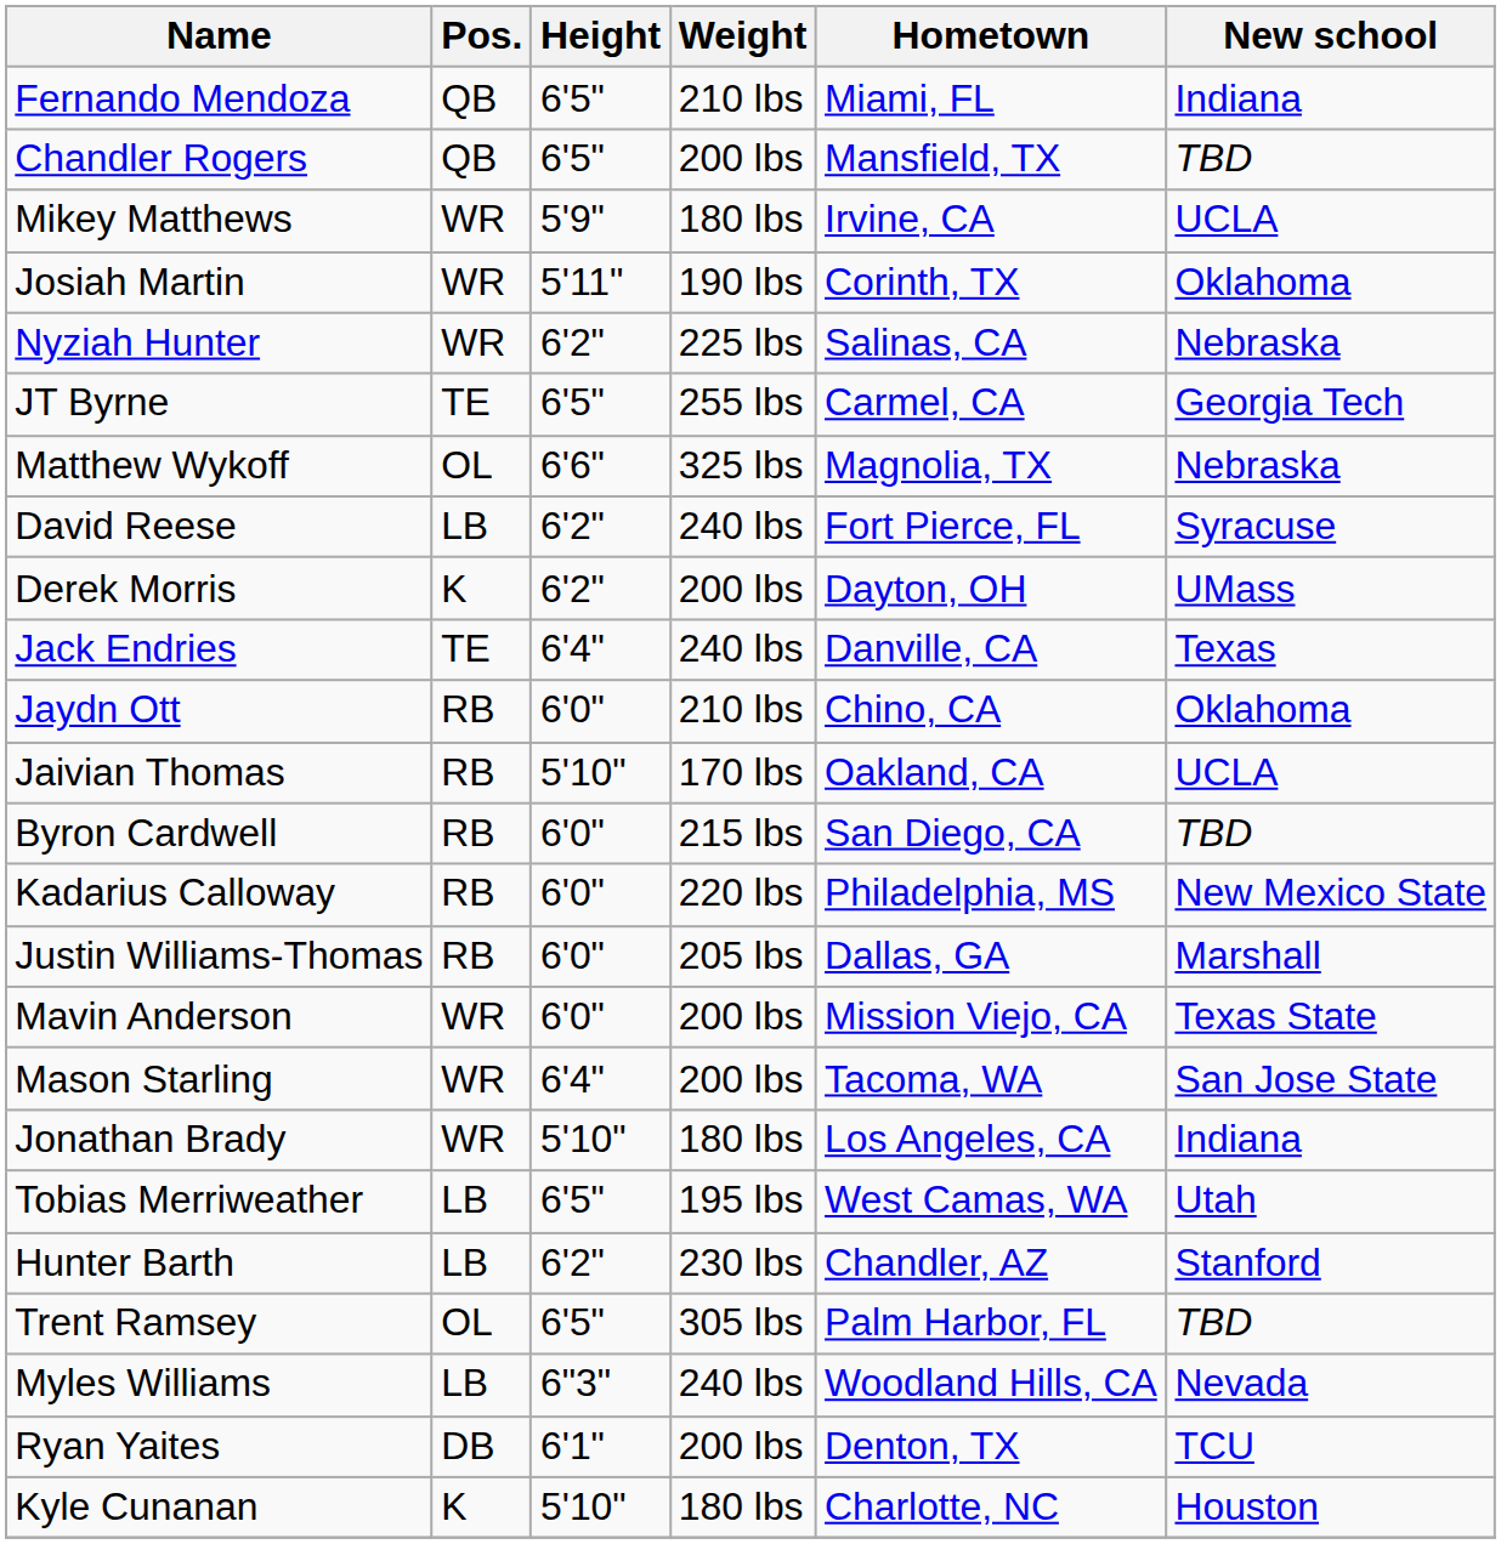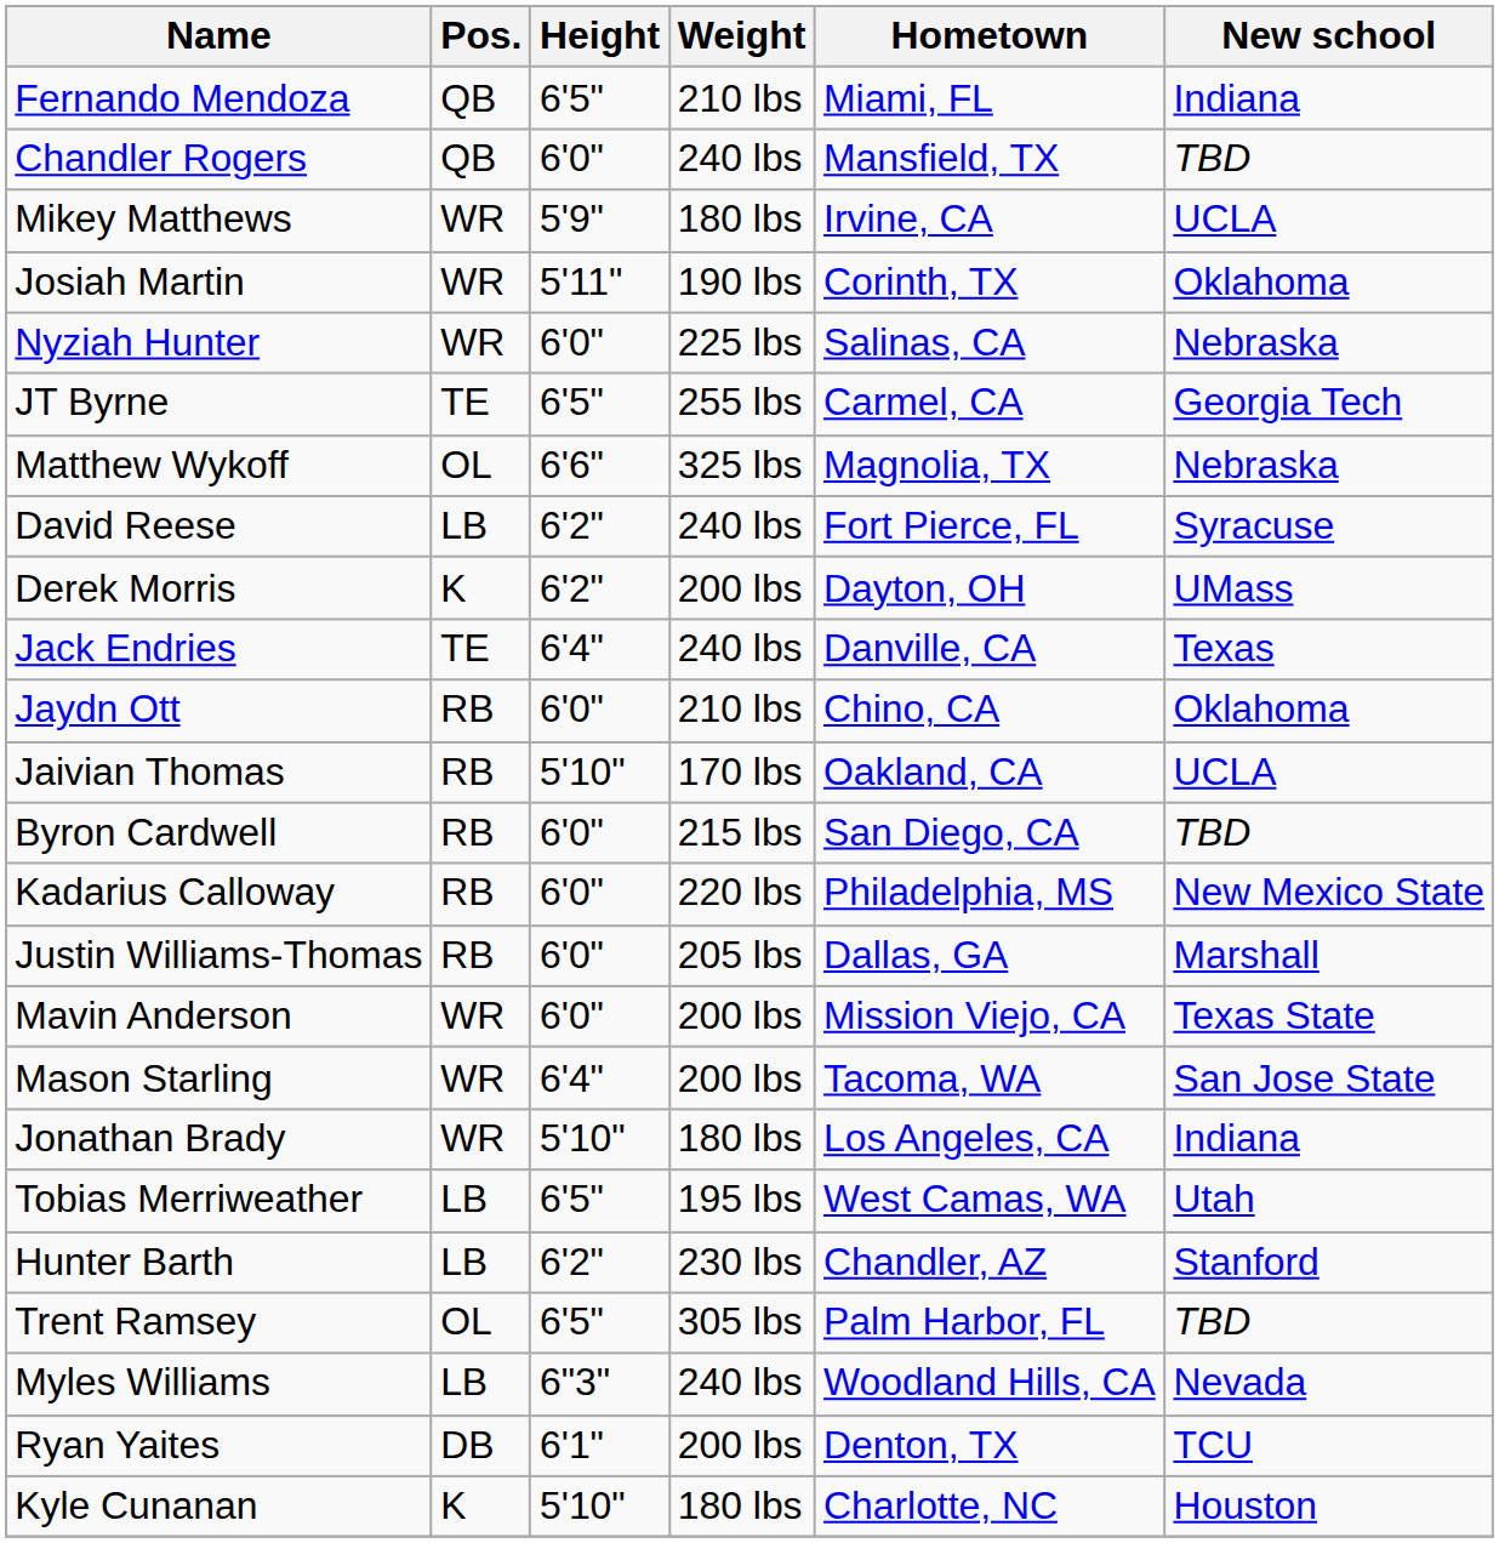 <table class="wikitable sortable">
 <tr>
 <th>Name</th>
 <th>Pos.</th>
 <th>Height</th>
 <th>Weight</th>
 <th>Hometown</th>
 <th>New school</th>
 </tr>
 <tr>
 <td><a href='#'>Fernando Mendoza</a></td>
 <td>QB</td>
 <td>6'5"</td>
 <td>210 lbs</td>
 <td><a href='#'>Miami, FL</a></td>
 <td><a href='#'>Indiana</a></td>
 </tr>
 <tr>
 <td><a href='#'>Chandler Rogers</a></td>
 <td>QB</td>
-<td>6'5"</td>
-<td>200 lbs</td>
+<td>6'0"</td>
+<td>240 lbs</td>
 <td><a href='#'>Mansfield, TX</a></td>
 <td><em>TBD</em></td>
 </tr>
 <tr>
 <td>Mikey Matthews</td>
 <td>WR</td>
 <td>5'9"</td>
 <td>180 lbs</td>
 <td><a href='#'>Irvine, CA</a></td>
 <td><a href='#'>UCLA</a></td>
 </tr>
 <tr>
 <td>Josiah Martin</td>
 <td>WR</td>
 <td>5'11"</td>
 <td>190 lbs</td>
 <td><a href='#'>Corinth, TX</a></td>
 <td><a href='#'>Oklahoma</a></td>
 </tr>
 <tr>
 <td><a href='#'>Nyziah Hunter</a></td>
 <td>WR</td>
-<td>6'2"</td>
+<td>6'0"</td>
 <td>225 lbs</td>
 <td><a href='#'>Salinas, CA</a></td>
 <td><a href='#'>Nebraska</a></td>
 </tr>
 <tr>
 <td>JT Byrne</td>
 <td>TE</td>
 <td>6'5"</td>
 <td>255 lbs</td>
 <td><a href='#'>Carmel, CA</a></td>
 <td><a href='#'>Georgia Tech</a></td>
 </tr>
 <tr>
 <td>Matthew Wykoff</td>
 <td>OL</td>
 <td>6'6"</td>
 <td>325 lbs</td>
 <td><a href='#'>Magnolia, TX</a></td>
 <td><a href='#'>Nebraska</a></td>
 </tr>
 <tr>
 <td>David Reese</td>
 <td>LB</td>
 <td>6'2"</td>
 <td>240 lbs</td>
 <td><a href='#'>Fort Pierce, FL</a></td>
 <td><a href='#'>Syracuse</a></td>
 </tr>
 <tr>
 <td>Derek Morris</td>
 <td>K</td>
 <td>6'2"</td>
 <td>200 lbs</td>
 <td><a href='#'>Dayton, OH</a></td>
 <td><a href='#'>UMass</a></td>
 </tr>
 <tr>
 <td><a href='#'>Jack Endries</a></td>
 <td>TE</td>
 <td>6'4"</td>
 <td>240 lbs</td>
 <td><a href='#'>Danville, CA</a></td>
 <td><a href='#'>Texas</a></td>
 </tr>
 <tr>
 <td><a href='#'>Jaydn Ott</a></td>
 <td>RB</td>
 <td>6'0"</td>
 <td>210 lbs</td>
 <td><a href='#'>Chino, CA</a></td>
 <td><a href='#'>Oklahoma</a></td>
 </tr>
 <tr>
 <td>Jaivian Thomas</td>
 <td>RB</td>
 <td>5'10"</td>
 <td>170 lbs</td>
 <td><a href='#'>Oakland, CA</a></td>
 <td><a href='#'>UCLA</a></td>
 </tr>
 <tr>
 <td>Byron Cardwell</td>
 <td>RB</td>
 <td>6'0"</td>
 <td>215 lbs</td>
 <td><a href='#'>San Diego, CA</a></td>
 <td><em>TBD</em></td>
 </tr>
 <tr>
 <td>Kadarius Calloway</td>
 <td>RB</td>
 <td>6'0"</td>
 <td>220 lbs</td>
 <td><a href='#'>Philadelphia, MS</a></td>
 <td><a href='#'>New Mexico State</a></td>
 </tr>
 <tr>
 <td>Justin Williams-Thomas</td>
 <td>RB</td>
 <td>6'0"</td>
 <td>205 lbs</td>
 <td><a href='#'>Dallas, GA</a></td>
 <td><a href='#'>Marshall</a></td>
 </tr>
 <tr>
 <td>Mavin Anderson</td>
 <td>WR</td>
 <td>6'0"</td>
 <td>200 lbs</td>
 <td><a href='#'>Mission Viejo, CA</a></td>
 <td><a href='#'>Texas State</a></td>
 </tr>
 <tr>
 <td>Mason Starling</td>
 <td>WR</td>
 <td>6'4"</td>
 <td>200 lbs</td>
 <td><a href='#'>Tacoma, WA</a></td>
 <td><a href='#'>San Jose State</a></td>
 </tr>
 <tr>
 <td>Jonathan Brady</td>
 <td>WR</td>
 <td>5'10"</td>
 <td>180 lbs</td>
 <td><a href='#'>Los Angeles, CA</a></td>
 <td><a href='#'>Indiana</a></td>
 </tr>
 <tr>
 <td>Tobias Merriweather</td>
 <td>LB</td>
 <td>6'5"</td>
 <td>195 lbs</td>
 <td><a href='#'>West Camas, WA</a></td>
 <td><a href='#'>Utah</a></td>
 </tr>
 <tr>
 <td>Hunter Barth</td>
 <td>LB</td>
 <td>6'2"</td>
 <td>230 lbs</td>
 <td><a href='#'>Chandler, AZ</a></td>
 <td><a href='#'>Stanford</a></td>
 </tr>
 <tr>
 <td>Trent Ramsey</td>
 <td>OL</td>
 <td>6'5"</td>
 <td>305 lbs</td>
 <td><a href='#'>Palm Harbor, FL</a></td>
 <td><em>TBD</em></td>
 </tr>
 <tr>
 <td>Myles Williams</td>
 <td>LB</td>
 <td>6"3"</td>
 <td>240 lbs</td>
 <td><a href='#'>Woodland Hills, CA</a></td>
 <td><a href='#'>Nevada</a></td>
 </tr>
 <tr>
 <td>Ryan Yaites</td>
 <td>DB</td>
 <td>6'1"</td>
 <td>200 lbs</td>
 <td><a href='#'>Denton, TX</a></td>
 <td><a href='#'>TCU</a></td>
 </tr>
 <tr>
 <td>Kyle Cunanan</td>
 <td>K</td>
 <td>5'10"</td>
 <td>180 lbs</td>
 <td><a href='#'>Charlotte, NC</a></td>
 <td><a href='#'>Houston</a></td>
 </tr>
 <tr>
 </tr>
 </table>
